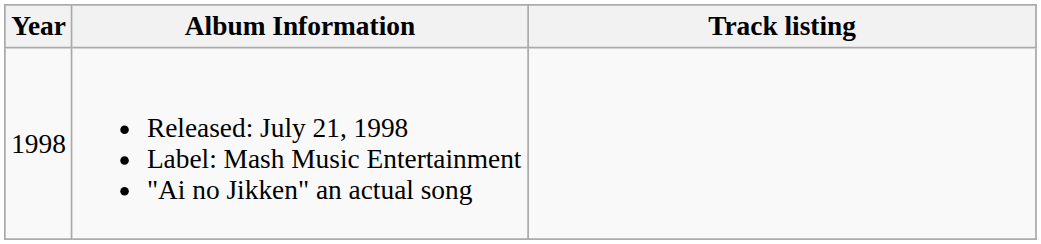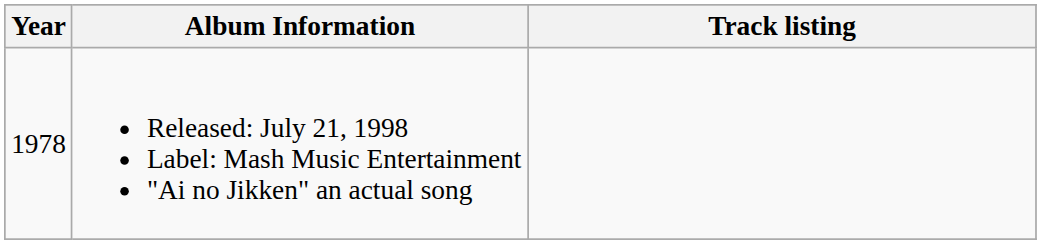 <table class="wikitable">
 <tr>
 <th rowspan="1">Year</th>
 <th rowspan="1">Album Information</th>
 <th align="left" width="290px">Track listing</th>
 </tr>
 <tr>
-<td align="center">1998</td>
+<td align="center">1978</td>
 <td><br><ul><li>Released: July 21, 1998</li><li>Label: Mash Music Entertainment</li><li>"Ai no Jikken" an actual song</li></ul></td>
 <td></td>
 </tr>
 </table>
